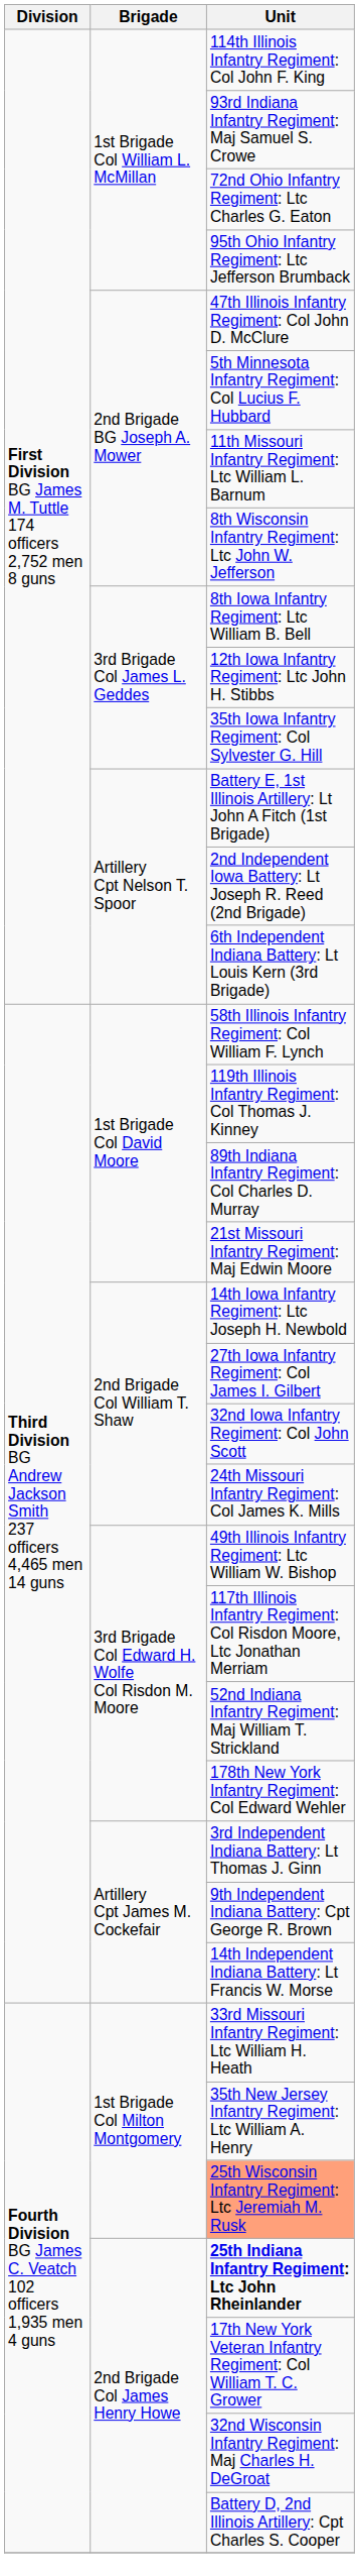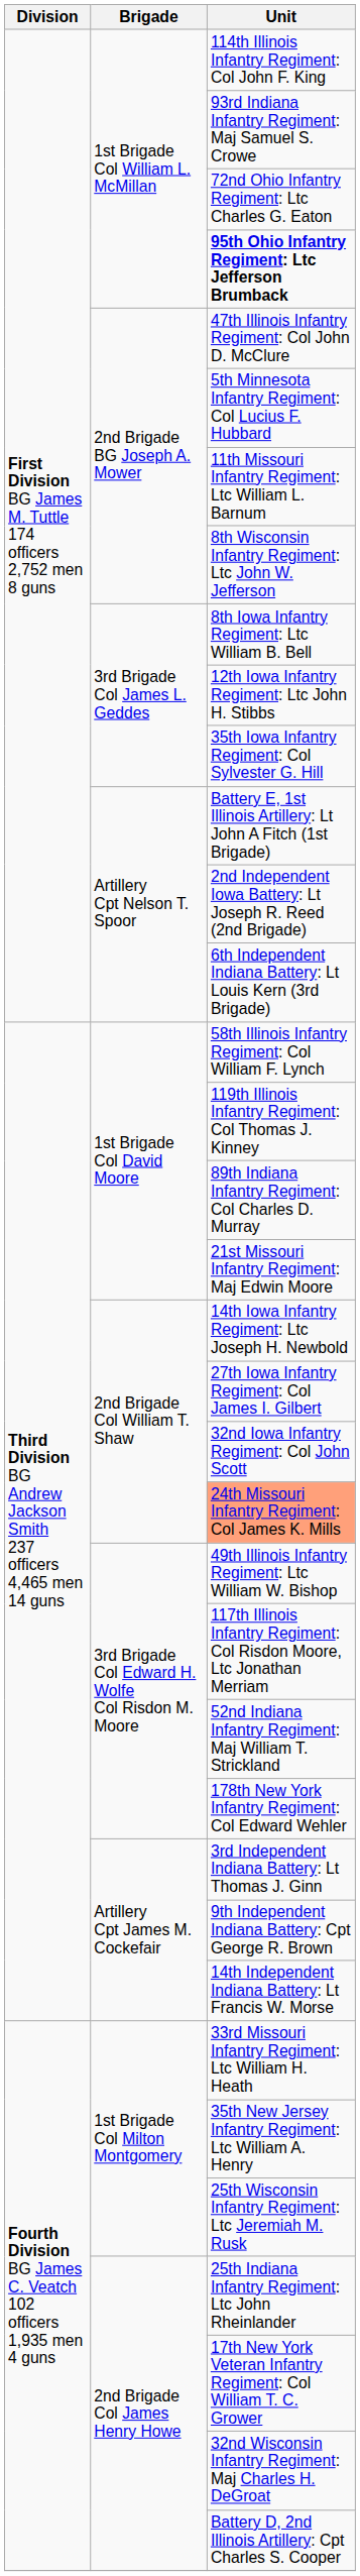 <table class="wikitable" style="text-align:left; width:57%;">
 <tr>
 <th width=12%>Division</th>
 <th width=15%>Brigade</th>
 <th width=30%>Unit</th>
 </tr>
 <tr>
 <td rowspan=14><strong>First Division</strong><br>BG <a href='#'>James M. Tuttle</a><br>174 officers<br>2,752 men<br>8 guns</td>
 <td rowspan=4>1st Brigade<br>Col <a href='#'>William L. McMillan</a></td>
 <td><a href='#'>114th Illinois Infantry Regiment</a>: Col John F. King</td>
 </tr>
 <tr>
 <td><a href='#'>93rd Indiana Infantry Regiment</a>: Maj Samuel S. Crowe</td>
 </tr>
 <tr>
 <td><a href='#'>72nd Ohio Infantry Regiment</a>: Ltc Charles G. Eaton</td>
 </tr>
 <tr>
-<td><a href='#'>95th Ohio Infantry Regiment</a>: Ltc Jefferson Brumback</td>
+<td><strong><a href='#'>95th Ohio Infantry Regiment</a>: Ltc Jefferson Brumback</strong></td>
 </tr>
 <tr>
 <td rowspan=4>2nd Brigade<br>BG <a href='#'>Joseph A. Mower</a></td>
 <td><a href='#'>47th Illinois Infantry Regiment</a>: Col John D. McClure</td>
 </tr>
 <tr>
 <td><a href='#'>5th Minnesota Infantry Regiment</a>: Col <a href='#'>Lucius F. Hubbard</a></td>
 </tr>
 <tr>
 <td><a href='#'>11th Missouri Infantry Regiment</a>: Ltc William L. Barnum</td>
 </tr>
 <tr>
 <td><a href='#'>8th Wisconsin Infantry Regiment</a>: Ltc <a href='#'>John W. Jefferson</a></td>
 </tr>
 <tr>
 <td rowspan=3>3rd Brigade<br>Col <a href='#'>James L. Geddes</a></td>
 <td><a href='#'>8th Iowa Infantry Regiment</a>: Ltc William B. Bell</td>
 </tr>
 <tr>
 <td><a href='#'>12th Iowa Infantry Regiment</a>: Ltc John H. Stibbs</td>
 </tr>
 <tr>
 <td><a href='#'>35th Iowa Infantry Regiment</a>: Col <a href='#'>Sylvester G. Hill</a></td>
 </tr>
 <tr>
 <td rowspan=3>Artillery<br>Cpt Nelson T. Spoor</td>
 <td><a href='#'>Battery E, 1st Illinois Artillery</a>: Lt John A Fitch (1st Brigade)</td>
 </tr>
 <tr>
 <td><a href='#'>2nd Independent Iowa Battery</a>: Lt Joseph R. Reed (2nd Brigade)</td>
 </tr>
 <tr>
 <td><a href='#'>6th Independent Indiana Battery</a>: Lt Louis Kern (3rd Brigade)</td>
 </tr>
 <tr>
 <td rowspan=15><strong>Third Division</strong><br>BG <a href='#'>Andrew Jackson Smith</a><br>237 officers<br>4,465 men<br>14 guns</td>
 <td rowspan=4>1st Brigade<br>Col <a href='#'>David Moore</a></td>
 <td><a href='#'>58th Illinois Infantry Regiment</a>: Col William F. Lynch</td>
 </tr>
 <tr>
 <td><a href='#'>119th Illinois Infantry Regiment</a>: Col Thomas J. Kinney</td>
 </tr>
 <tr>
 <td><a href='#'>89th Indiana Infantry Regiment</a>: Col Charles D. Murray</td>
 </tr>
 <tr>
 <td><a href='#'>21st Missouri Infantry Regiment</a>: Maj Edwin Moore</td>
 </tr>
 <tr>
 <td rowspan=4>2nd Brigade<br>Col William T. Shaw</td>
 <td><a href='#'>14th Iowa Infantry Regiment</a>: Ltc Joseph H. Newbold</td>
 </tr>
 <tr>
 <td><a href='#'>27th Iowa Infantry Regiment</a>: Col <a href='#'>James I. Gilbert</a></td>
 </tr>
 <tr>
 <td><a href='#'>32nd Iowa Infantry Regiment</a>: Col <a href='#'>John Scott</a></td>
 </tr>
 <tr>
-<td><a href='#'>24th Missouri Infantry Regiment</a>: Col James K. Mills</td>
+<td style="background: lightsalmon;"><a href='#'>24th Missouri Infantry Regiment</a>: Col James K. Mills</td>
 </tr>
 <tr>
 <td rowspan=4>3rd Brigade<br>Col <a href='#'>Edward H. Wolfe</a><br>Col Risdon M. Moore</td>
 <td><a href='#'>49th Illinois Infantry Regiment</a>: Ltc William W. Bishop</td>
 </tr>
 <tr>
 <td><a href='#'>117th Illinois Infantry Regiment</a>: Col Risdon Moore, Ltc Jonathan Merriam</td>
 </tr>
 <tr>
 <td><a href='#'>52nd Indiana Infantry Regiment</a>: Maj William T. Strickland</td>
 </tr>
 <tr>
 <td><a href='#'>178th New York Infantry Regiment</a>: Col Edward Wehler</td>
 </tr>
 <tr>
 <td rowspan=3>Artillery<br>Cpt James M. Cockefair</td>
 <td><a href='#'>3rd Independent Indiana Battery</a>: Lt Thomas J. Ginn</td>
 </tr>
 <tr>
 <td><a href='#'>9th Independent Indiana Battery</a>: Cpt George R. Brown</td>
 </tr>
 <tr>
 <td><a href='#'>14th Independent Indiana Battery</a>: Lt Francis W. Morse</td>
 </tr>
 <tr>
 <td rowspan=7><strong>Fourth Division</strong><br>BG <a href='#'>James C. Veatch</a><br>102 officers<br>1,935 men<br>4 guns</td>
 <td rowspan=3>1st Brigade<br>Col <a href='#'>Milton Montgomery</a></td>
 <td><a href='#'>33rd Missouri Infantry Regiment</a>: Ltc William H. Heath</td>
 </tr>
 <tr>
 <td><a href='#'>35th New Jersey Infantry Regiment</a>: Ltc William A. Henry</td>
 </tr>
 <tr>
-<td style="background: lightsalmon;"><a href='#'>25th Wisconsin Infantry Regiment</a>: Ltc <a href='#'>Jeremiah M. Rusk</a></td>
+<td><a href='#'>25th Wisconsin Infantry Regiment</a>: Ltc <a href='#'>Jeremiah M. Rusk</a></td>
 </tr>
 <tr>
 <td rowspan=4>2nd Brigade<br>Col <a href='#'>James Henry Howe</a></td>
-<td><strong><a href='#'>25th Indiana Infantry Regiment</a>: Ltc John Rheinlander</strong></td>
+<td><a href='#'>25th Indiana Infantry Regiment</a>: Ltc John Rheinlander</td>
 </tr>
 <tr>
 <td><a href='#'>17th New York Veteran Infantry Regiment</a>: Col <a href='#'>William T. C. Grower</a></td>
 </tr>
 <tr>
 <td><a href='#'>32nd Wisconsin Infantry Regiment</a>: Maj <a href='#'>Charles H. DeGroat</a></td>
 </tr>
 <tr>
 <td><a href='#'>Battery D, 2nd Illinois Artillery</a>: Cpt Charles S. Cooper</td>
 </tr>
 <tr>
 </tr>
 </table>
